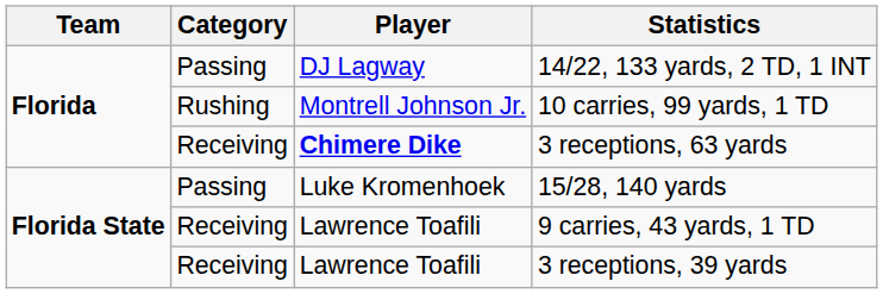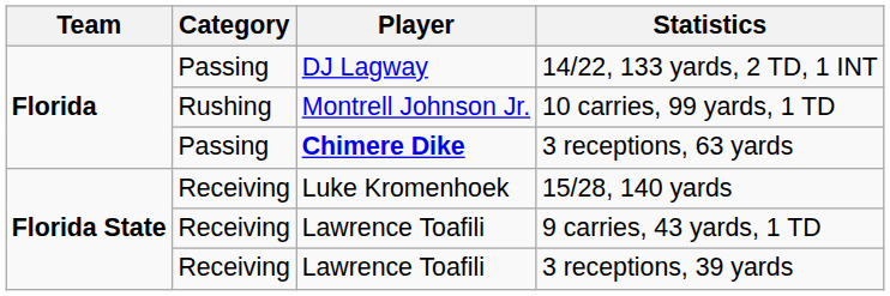 <table class="wikitable" style="float: right;">
 <tr>
 <th>Team</th>
 <th>Category</th>
 <th>Player</th>
 <th>Statistics</th>
 </tr>
 <tr>
 <td rowspan=3><strong>Florida</strong></td>
 <td>Passing</td>
 <td><a href='#'>DJ Lagway</a></td>
 <td>14/22, 133 yards, 2 TD, 1 INT</td>
 </tr>
 <tr>
 <td>Rushing</td>
 <td><a href='#'>Montrell Johnson Jr.</a></td>
 <td>10 carries, 99 yards, 1 TD</td>
 </tr>
 <tr>
-<td>Receiving</td>
+<td>Passing</td>
 <td><strong><a href='#'>Chimere Dike</a></strong></td>
 <td>3 receptions, 63 yards</td>
 </tr>
 <tr>
 <td rowspan=3><strong>Florida State</strong></td>
-<td>Passing</td>
+<td>Receiving</td>
 <td>Luke Kromenhoek</td>
 <td>15/28, 140 yards</td>
 </tr>
 <tr>
 <td>Receiving</td>
 <td>Lawrence Toafili</td>
 <td>9 carries, 43 yards, 1 TD</td>
 </tr>
 <tr>
 <td>Receiving</td>
 <td>Lawrence Toafili</td>
 <td>3 receptions, 39 yards</td>
 </tr>
 </table>
